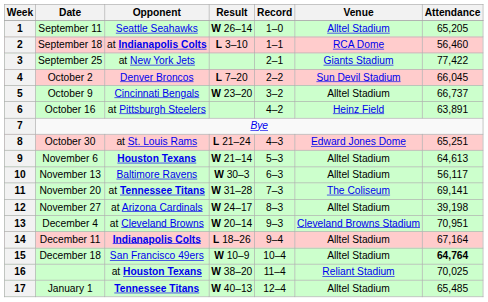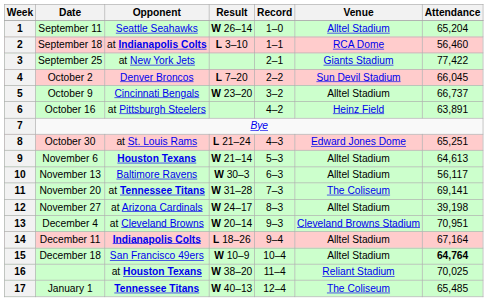 <table class="wikitable" style="text-align:center">
 <tr>
 <th>Week</th>
 <th>Date</th>
 <th>Opponent</th>
 <th>Result</th>
 <th>Record</th>
 <th>Venue</th>
 <th>Attendance</th>
 </tr>
 <tr>
 </tr>
 <tr align="center" bgcolor="#cfc">
 <th>1</th>
 <td>September 11</td>
 <td><a href='#'>Seattle Seahawks</a></td>
 <td><strong>W</strong> 26–14</td>
 <td>1–0</td>
 <td><a href='#'>Alltel Stadium</a></td>
-<td>65,205</td>
+<td>65,204</td>
 </tr>
 <tr align="center" bgcolor="#fcc">
 <th>2</th>
 <td>September 18</td>
 <td>at <strong><a href='#'>Indianapolis Colts</a></strong></td>
 <td><strong>L</strong> 3–10</td>
 <td>1–1</td>
 <td><a href='#'>RCA Dome</a></td>
 <td>56,460</td>
 </tr>
 <tr align="center" bgcolor="#cfc">
 <th>3</th>
 <td>September 25</td>
 <td>at <a href='#'>New York Jets</a></td>
 <td></td>
 <td>2–1</td>
 <td><a href='#'>Giants Stadium</a></td>
 <td>77,422</td>
 </tr>
 <tr align="center" bgcolor="#fcc">
 <th>4</th>
 <td>October 2</td>
 <td><a href='#'>Denver Broncos</a></td>
 <td><strong>L</strong> 7–20</td>
 <td>2–2</td>
 <td><a href='#'>Sun Devil Stadium</a></td>
 <td>66,045</td>
 </tr>
 <tr align="center" bgcolor="#cfc">
 <th>5</th>
 <td>October 9</td>
 <td><a href='#'>Cincinnati Bengals</a></td>
 <td><strong>W</strong> 23–20</td>
 <td>3–2</td>
 <td>Alltel Stadium</td>
 <td>66,737</td>
 </tr>
 <tr align="center" bgcolor="#cfc">
 <th>6</th>
 <td>October 16</td>
 <td>at <a href='#'>Pittsburgh Steelers</a></td>
 <td></td>
 <td>4–2</td>
 <td><a href='#'>Heinz Field</a></td>
 <td>63,891</td>
 </tr>
 <tr>
 <th>7</th>
 <td colspan="6" align="center"><em><a href='#'>Bye</a></em></td>
 </tr>
 <tr align="center" bgcolor="#fcc">
 <th>8</th>
 <td>October 30</td>
 <td>at <a href='#'>St. Louis Rams</a></td>
 <td><strong>L</strong> 21–24</td>
 <td>4–3</td>
 <td><a href='#'>Edward Jones Dome</a></td>
 <td>65,251</td>
 </tr>
 <tr align="center" bgcolor="#cfc">
 <th>9</th>
 <td>November 6</td>
 <td><strong><a href='#'>Houston Texans</a></strong></td>
 <td><strong>W</strong> 21–14</td>
 <td>5–3</td>
 <td>Alltel Stadium</td>
 <td>64,613</td>
 </tr>
 <tr align="center" bgcolor="#cfc">
 <th>10</th>
 <td>November 13</td>
 <td><a href='#'>Baltimore Ravens</a></td>
 <td><strong>W</strong> 30–3</td>
 <td>6–3</td>
 <td>Alltel Stadium</td>
 <td>56,117</td>
 </tr>
 <tr align="center" bgcolor="#cfc">
 <th>11</th>
 <td>November 20</td>
 <td>at <strong><a href='#'>Tennessee Titans</a></strong></td>
 <td><strong>W</strong> 31–28</td>
 <td>7–3</td>
 <td><a href='#'>The Coliseum</a></td>
 <td>69,141</td>
 </tr>
 <tr align="center" bgcolor="#cfc">
 <th>12</th>
 <td>November 27</td>
 <td>at <a href='#'>Arizona Cardinals</a></td>
 <td><strong>W</strong> 24–17</td>
 <td>8–3</td>
 <td>Alltel Stadium</td>
 <td>39,198</td>
 </tr>
 <tr align="center" bgcolor="#cfc">
 <th>13</th>
 <td>December 4</td>
 <td>at <a href='#'>Cleveland Browns</a></td>
 <td><strong>W</strong> 20–14</td>
 <td>9–3</td>
 <td><a href='#'>Cleveland Browns Stadium</a></td>
 <td>70,951</td>
 </tr>
 <tr align="center" bgcolor="#fcc">
 <th>14</th>
 <td>December 11</td>
 <td><strong><a href='#'>Indianapolis Colts</a></strong></td>
 <td><strong>L</strong> 18–26</td>
 <td>9–4</td>
 <td>Alltel Stadium</td>
 <td>67,164</td>
 </tr>
 <tr align="center" bgcolor="#cfc">
 <th>15</th>
 <td>December 18</td>
 <td><a href='#'>San Francisco 49ers</a></td>
 <td><strong>W</strong> 10–9</td>
 <td>10–4</td>
 <td>Alltel Stadium</td>
 <td><strong>64,764</strong></td>
 </tr>
 <tr align="center" bgcolor="#cfc">
 <th>16</th>
 <td></td>
 <td>at <strong><a href='#'>Houston Texans</a></strong></td>
 <td><strong>W</strong> 38–20</td>
 <td>11–4</td>
 <td><a href='#'>Reliant Stadium</a></td>
 <td>70,025</td>
 </tr>
 <tr align="center" bgcolor="#cfc">
 <th>17</th>
 <td>January 1</td>
 <td><strong><a href='#'>Tennessee Titans</a></strong></td>
 <td><strong>W</strong> 40–13</td>
 <td>12–4</td>
-<td>Alltel Stadium</td>
+<td><a href='#'>The Coliseum</a></td>
 <td>65,485</td>
 </tr>
 </table>
